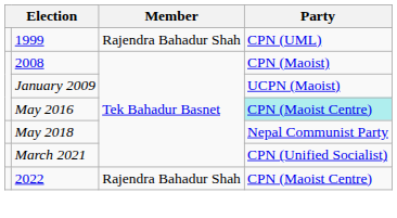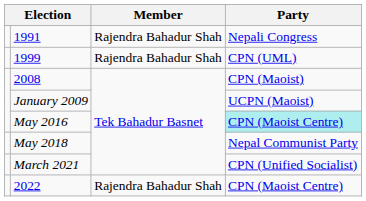 <table class="wikitable">
 <tr>
 <th colspan="2">Election</th>
 <th>Member</th>
 <th>Party</th>
+</tr>
+<tr>
+<td style="color:inherit;background:"></td>
+<td><a href='#'>1991</a></td>
+<td>Rajendra Bahadur Shah</td>
+<td><a href='#'>Nepali Congress</a></td>
 </tr>
 <tr>
 <td style="color:inherit;background:"></td>
 <td><a href='#'>1999</a></td>
 <td>Rajendra Bahadur Shah</td>
 <td><a href='#'>CPN (UML)</a></td>
 </tr>
 <tr>
 <td rowspan="3" style="color:inherit;background:"></td>
 <td><a href='#'>2008</a></td>
 <td rowspan="5"><a href='#'>Tek Bahadur Basnet</a></td>
 <td><a href='#'>CPN (Maoist)</a></td>
 </tr>
 <tr>
 <td><em>January 2009</em></td>
 <td><a href='#'>UCPN (Maoist)</a></td>
 </tr>
 <tr>
 <td><em>May 2016</em></td>
 <td style="background: paleturquoise;"><a href='#'>CPN (Maoist Centre)</a></td>
 </tr>
 <tr>
 <td style="color:inherit;background:"></td>
 <td><em>May 2018</em></td>
 <td><a href='#'>Nepal Communist Party</a></td>
 </tr>
 <tr>
 <td style="color:inherit;background:"></td>
 <td><em>March 2021</em></td>
 <td><a href='#'>CPN (Unified Socialist)</a></td>
 </tr>
 <tr>
 <td style="color:inherit;background:"></td>
 <td><a href='#'>2022</a></td>
 <td>Rajendra Bahadur Shah</td>
 <td><a href='#'>CPN (Maoist Centre)</a></td>
 </tr>
 </table>
